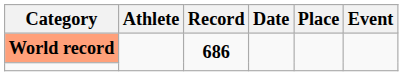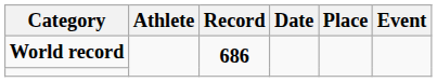 <table class="wikitable" style="text-align:center">
 <tr>
 <th>Category</th>
 <th>Athlete</th>
 <th>Record</th>
 <th>Date</th>
 <th>Place</th>
 <th>Event</th>
 </tr>
 <tr>
-<td style="background: lightsalmon;"><strong>World record</strong></td>
+<td><strong>World record</strong></td>
 <td align="left" rowspan="2"></td>
 <td rowspan="2"><strong>686</strong></td>
 <td rowspan="2"></td>
 <td rowspan="2"></td>
 <td rowspan="2"></td>
 </tr>
 <tr>
 <td><strong></strong></td>
 </tr>
 </table>
